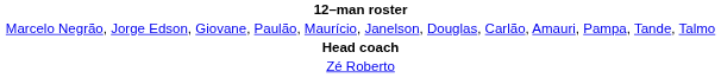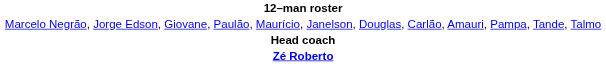 <table style="text-align:center; margin-top:2em; margin-left:auto; margin-right:auto">
 <tr>
 <td><strong>12–man roster</strong></td>
 </tr>
 <tr>
 <td><a href='#'>Marcelo Negrão</a>, <a href='#'>Jorge Edson</a>, <a href='#'>Giovane</a>, <a href='#'>Paulão</a>, <a href='#'>Maurício</a>, <a href='#'>Janelson</a>, <a href='#'>Douglas</a>, <a href='#'>Carlão</a>, <a href='#'>Amauri</a>, <a href='#'>Pampa</a>, <a href='#'>Tande</a>, <a href='#'>Talmo</a></td>
 </tr>
 <tr>
 <td><strong>Head coach</strong></td>
 </tr>
 <tr>
-<td><a href='#'>Zé Roberto</a></td>
+<td><strong><a href='#'>Zé Roberto</a></strong></td>
 </tr>
 </table>
